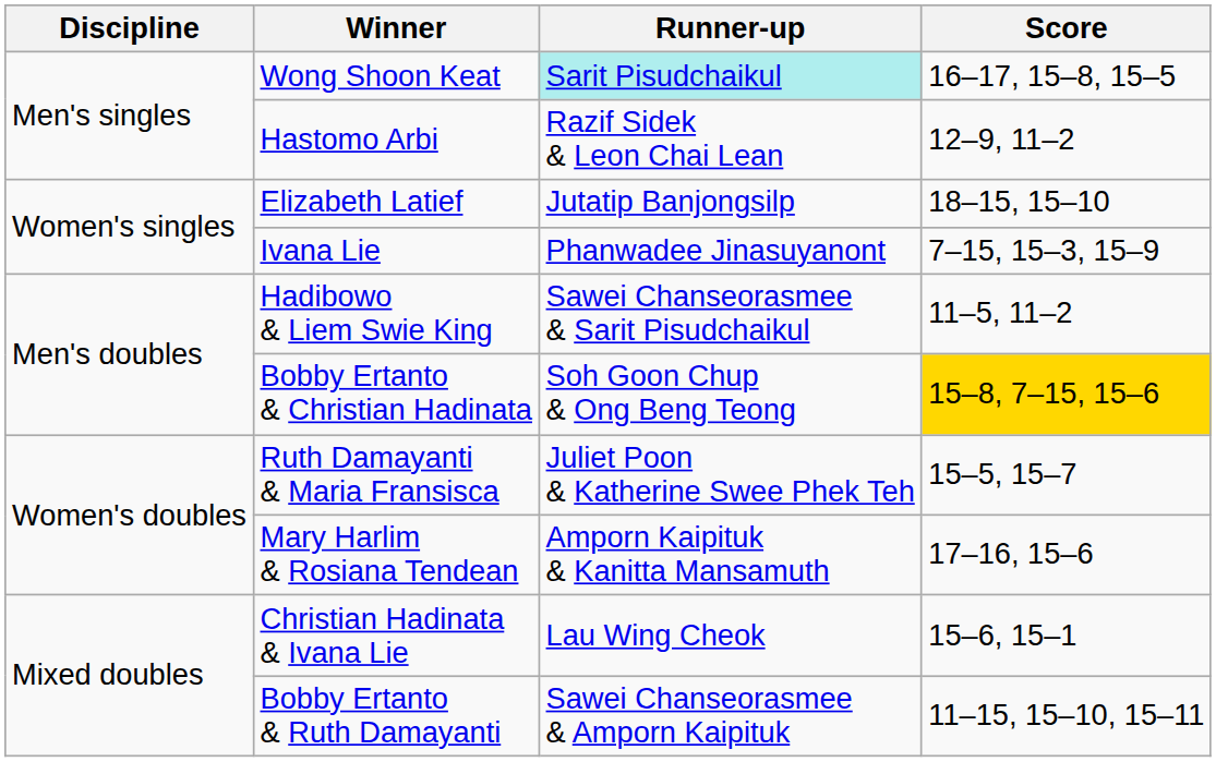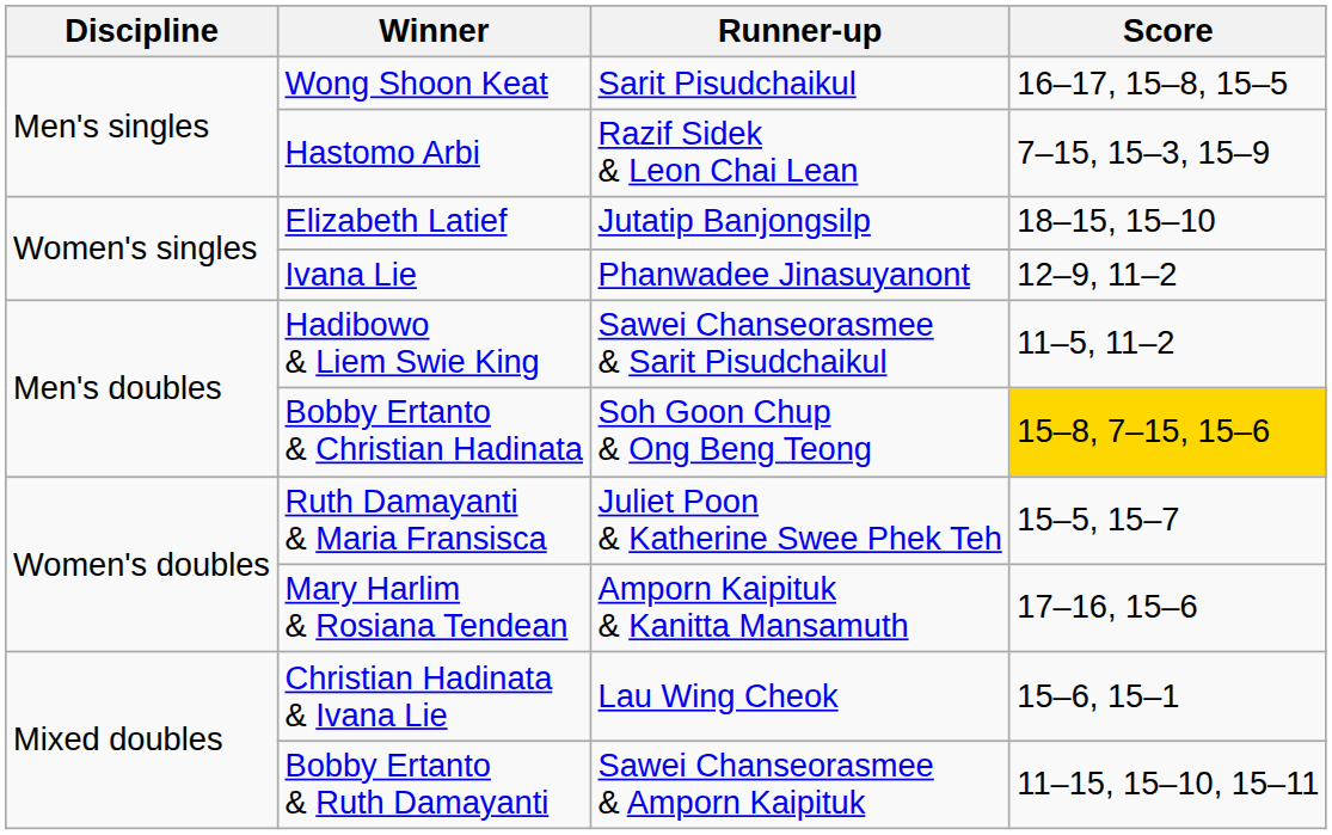 <table class="wikitable">
 <tr>
 <th>Discipline</th>
 <th>Winner</th>
 <th>Runner-up</th>
 <th>Score</th>
 </tr>
 <tr>
 <td rowspan=2>Men's singles</td>
 <td> <a href='#'>Wong Shoon Keat</a></td>
-<td style="background: paleturquoise;"> <a href='#'>Sarit Pisudchaikul</a></td>
+<td> <a href='#'>Sarit Pisudchaikul</a></td>
 <td>16–17, 15–8, 15–5</td>
 </tr>
 <tr>
 <td> <a href='#'>Hastomo Arbi</a></td>
 <td> <a href='#'>Razif Sidek</a><br> & <a href='#'>Leon Chai Lean</a></td>
-<td>12–9, 11–2</td>
+<td>7–15, 15–3, 15–9</td>
 </tr>
 <tr>
 <td rowspan=2>Women's singles</td>
 <td> <a href='#'>Elizabeth Latief</a></td>
 <td> <a href='#'>Jutatip Banjongsilp</a></td>
 <td>18–15, 15–10</td>
 </tr>
 <tr>
 <td> <a href='#'>Ivana Lie</a></td>
 <td> <a href='#'>Phanwadee Jinasuyanont</a></td>
-<td>7–15, 15–3, 15–9</td>
+<td>12–9, 11–2</td>
 </tr>
 <tr>
 <td rowspan=2>Men's doubles</td>
 <td> <a href='#'>Hadibowo</a><br> & <a href='#'>Liem Swie King</a></td>
 <td> <a href='#'>Sawei Chanseorasmee</a><br> & <a href='#'>Sarit Pisudchaikul</a></td>
 <td>11–5, 11–2</td>
 </tr>
 <tr>
 <td> <a href='#'>Bobby Ertanto</a><br> & <a href='#'>Christian Hadinata</a></td>
 <td> <a href='#'>Soh Goon Chup</a><br> & <a href='#'>Ong Beng Teong</a></td>
 <td style="background: gold;">15–8, 7–15, 15–6</td>
 </tr>
 <tr>
 <td rowspan=2>Women's doubles</td>
 <td> <a href='#'>Ruth Damayanti</a><br> & <a href='#'>Maria Fransisca</a></td>
 <td> <a href='#'>Juliet Poon</a><br> & <a href='#'>Katherine Swee Phek Teh</a></td>
 <td>15–5, 15–7</td>
 </tr>
 <tr>
 <td> <a href='#'>Mary Harlim</a><br> & <a href='#'>Rosiana Tendean</a></td>
 <td> <a href='#'>Amporn Kaipituk</a><br> & <a href='#'>Kanitta Mansamuth</a></td>
 <td>17–16, 15–6</td>
 </tr>
 <tr>
 <td rowspan=2>Mixed doubles</td>
 <td> <a href='#'>Christian Hadinata</a><br> & <a href='#'>Ivana Lie</a></td>
 <td> <a href='#'>Lau Wing Cheok</a></td>
 <td>15–6, 15–1</td>
 </tr>
 <tr>
 <td> <a href='#'>Bobby Ertanto</a><br> & <a href='#'>Ruth Damayanti</a></td>
 <td> <a href='#'>Sawei Chanseorasmee</a><br> & <a href='#'>Amporn Kaipituk</a></td>
 <td>11–15, 15–10, 15–11</td>
 </tr>
 </table>
